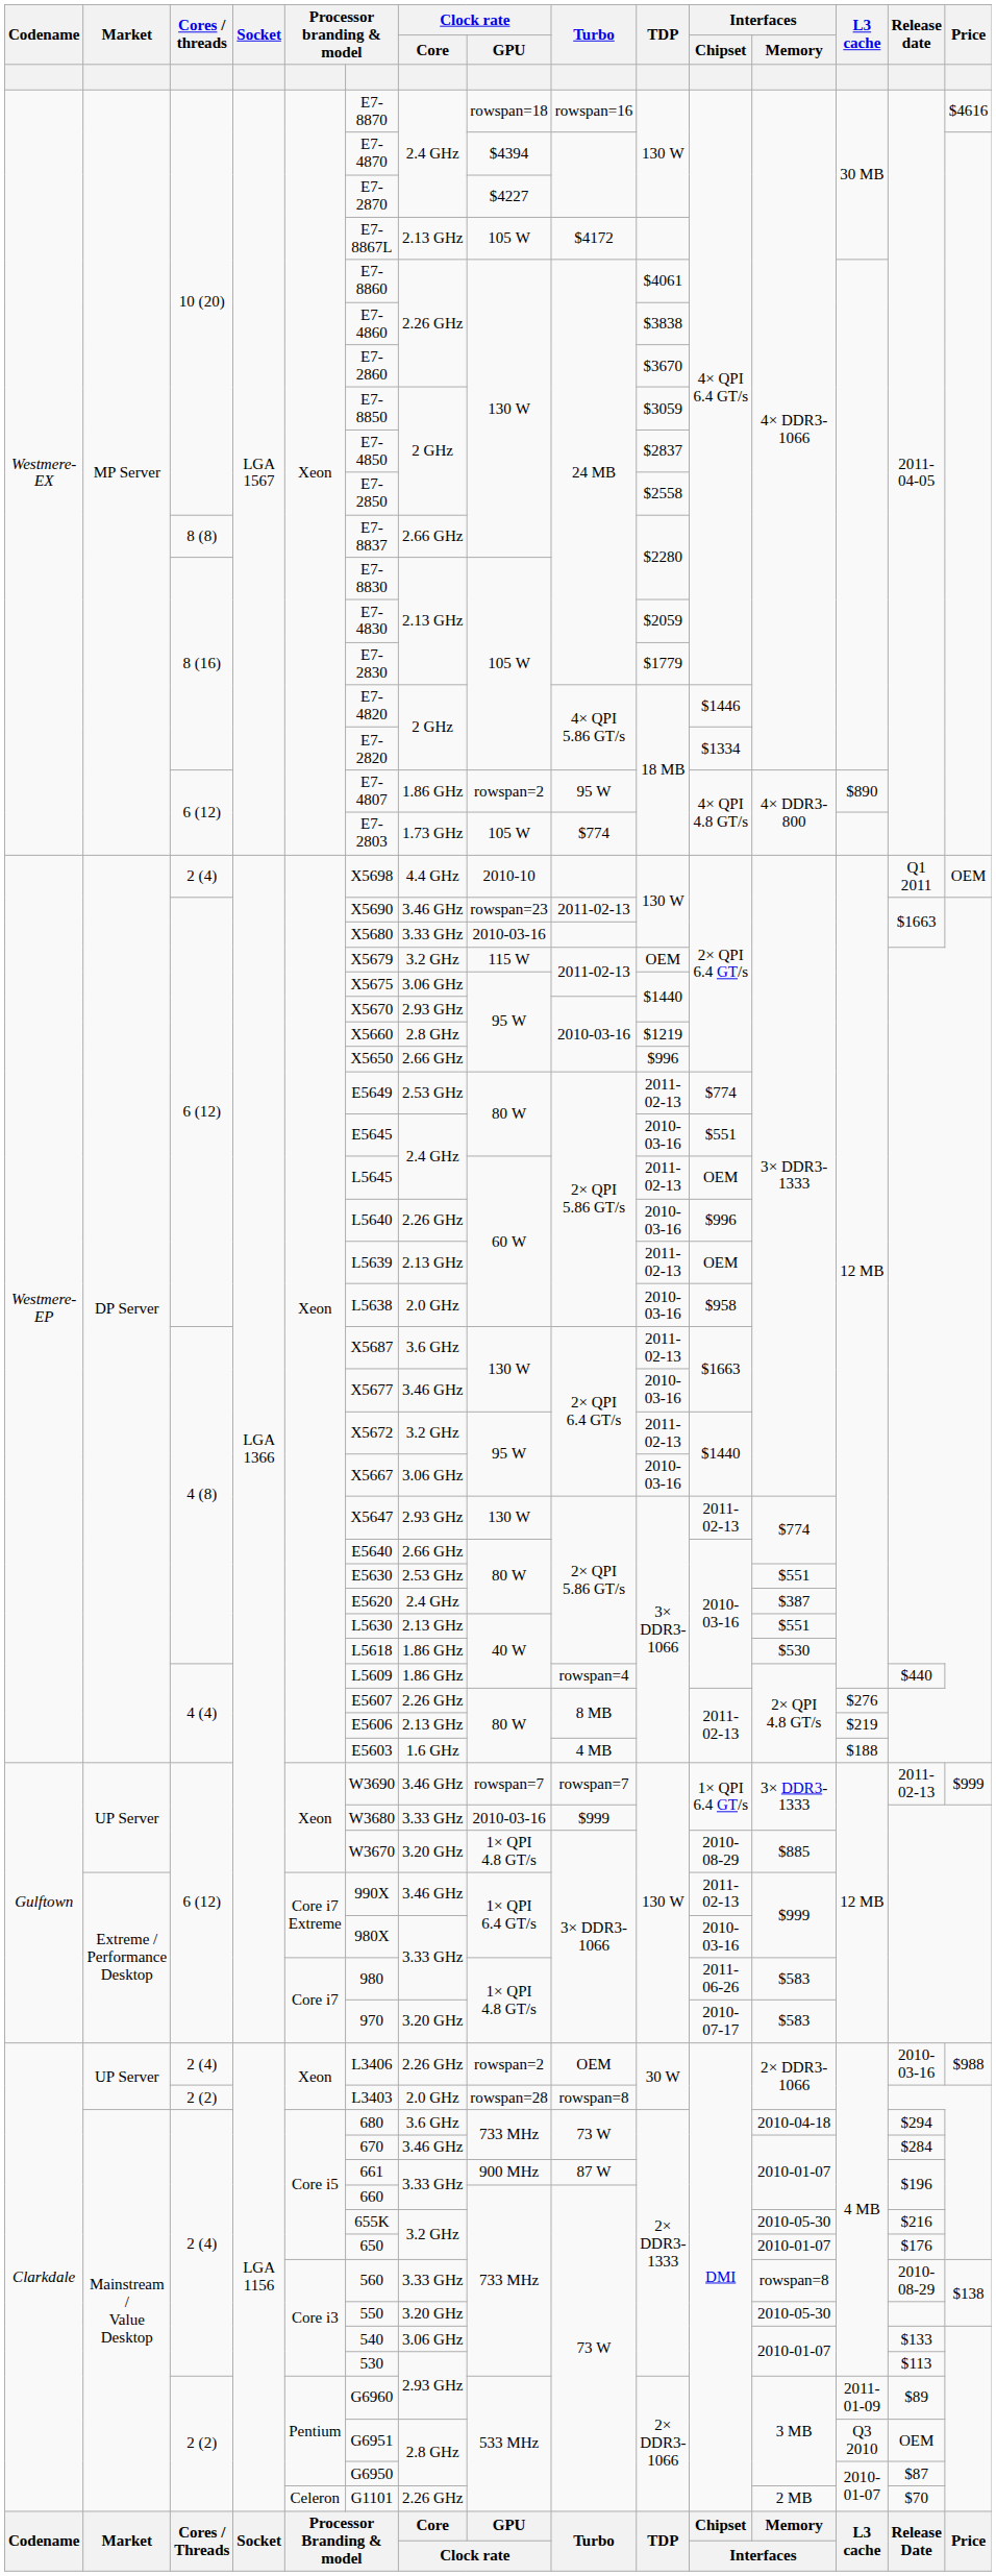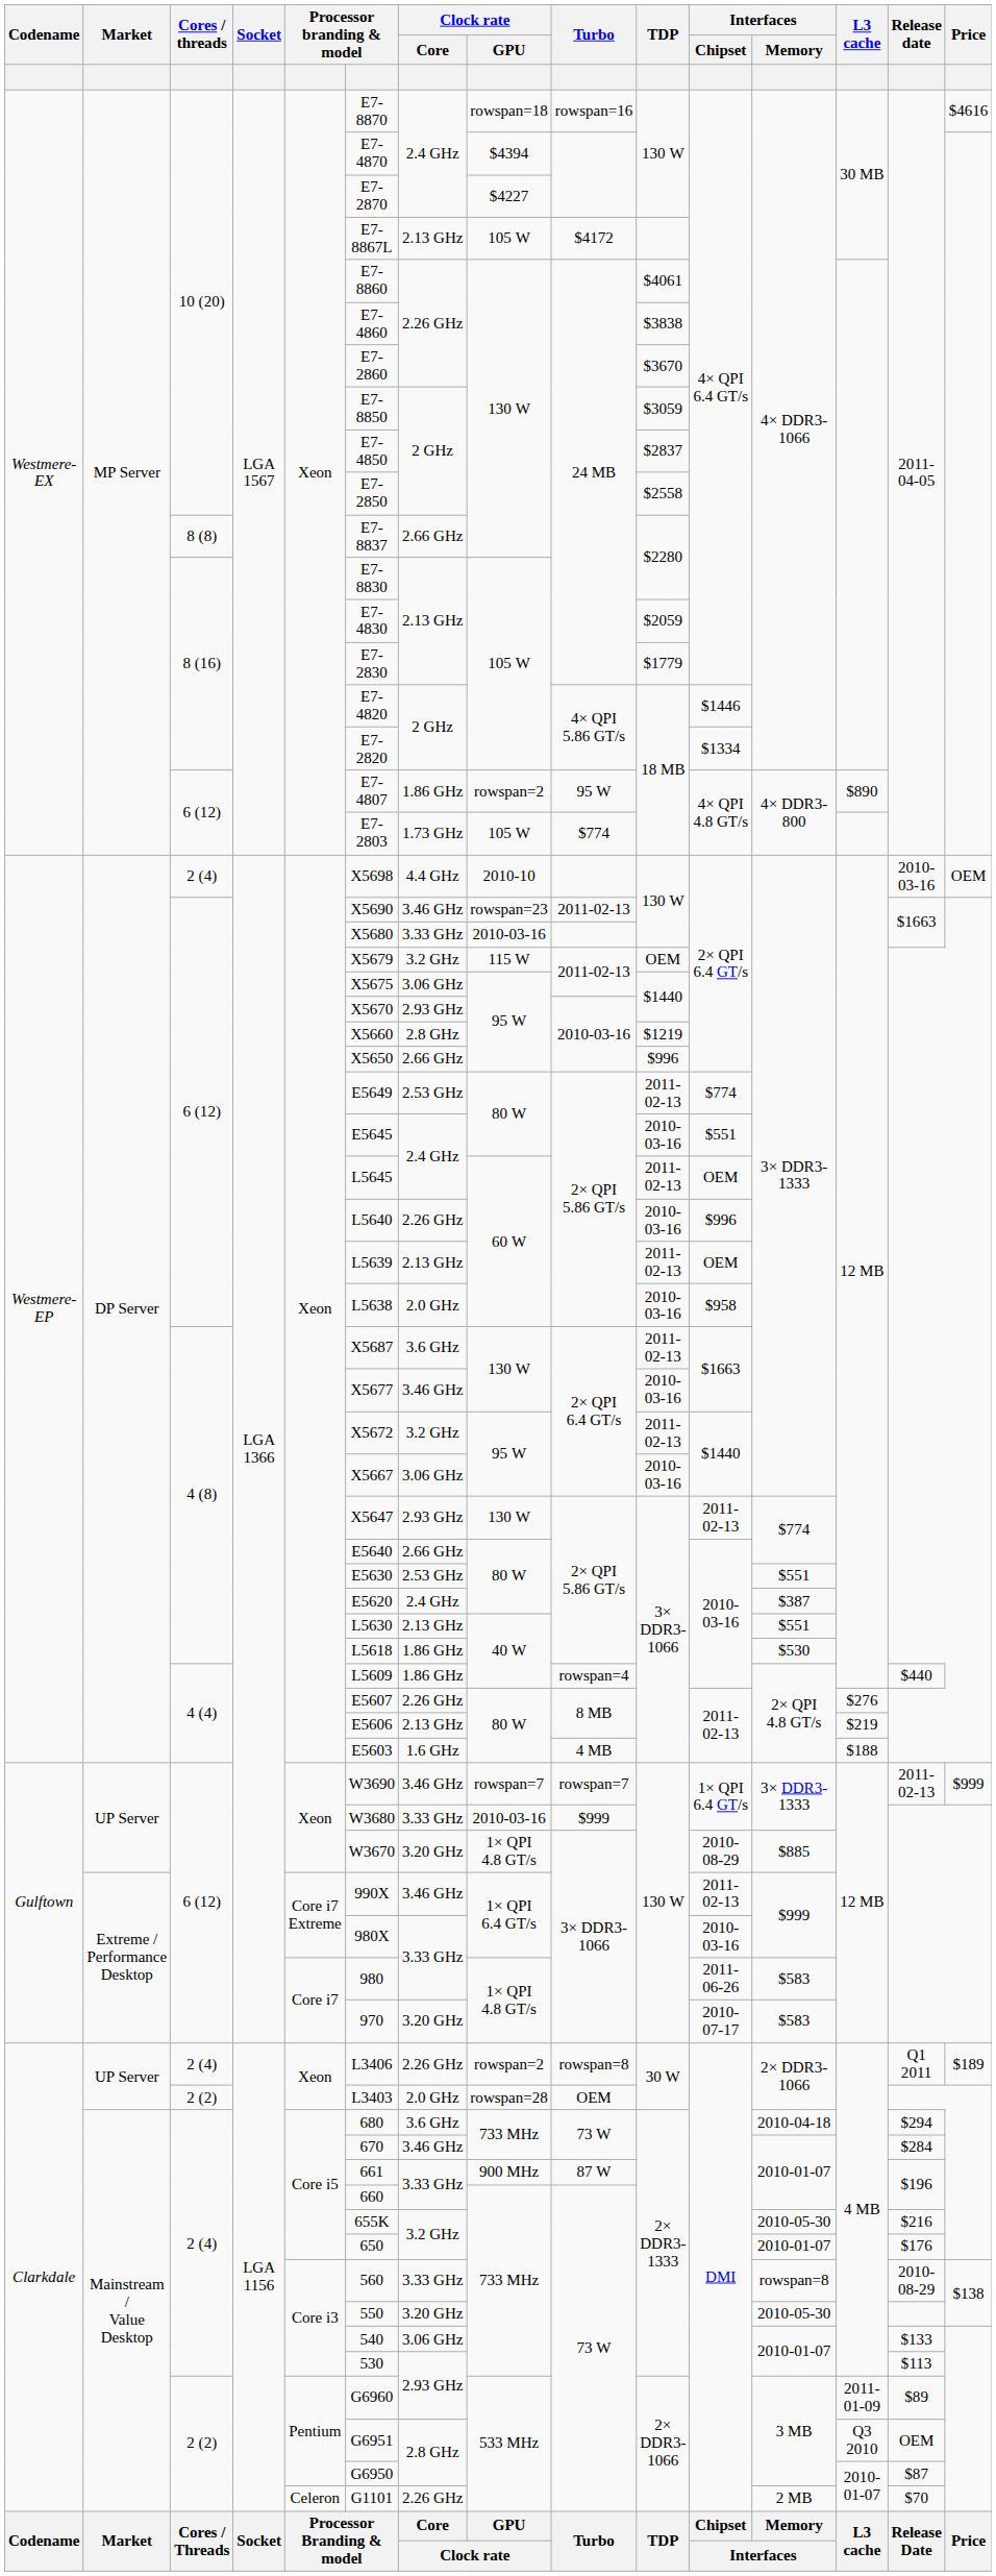 <table class="wikitable sortable hover-highlight" style="text-align: center">
 <tr>
 <th rowspan=2>Codename</th>
 <th rowspan=2>Market</th>
 <th rowspan=2><a href='#'>Cores</a> /<br>threads</th>
 <th rowspan=2><a href='#'>Socket</a></th>
 <th colspan=2 rowspan=2>Processor<br>branding & model</th>
 <th colspan=2><a href='#'>Clock rate</a></th>
 <th rowspan=2><a href='#'>Turbo</a></th>
 <th rowspan=2>TDP</th>
 <th colspan=2>Interfaces</th>
 <th rowspan=2><a href='#'>L3<br>cache</a></th>
 <th rowspan=2>Release<br>date</th>
 <th rowspan=2>Price</th>
 </tr>
 <tr>
 <th>Core</th>
 <th>GPU</th>
 <th>Chipset</th>
 <th>Memory</th>
 </tr>
 <tr>
 <th style="background-position:center"><br></th>
 <th style="background-position:center"></th>
 <th style="background-position:center"></th>
 <th style="background-position:center"></th>
 <th style="background-position:center"></th>
 <th style="background-position:center"></th>
 <th style="background-position:center"></th>
 <th style="background-position:center"></th>
 <th style="background-position:center"></th>
 <th style="background-position:center"></th>
 <th style="background-position:center"></th>
 <th style="background-position:center"></th>
 <th style="background-position:center"></th>
 <th style="background-position:center"></th>
 <th style="background-position:center"></th>
 </tr>
 <tr>
 <td rowspan=18><em>Westmere-EX</em></td>
 <td rowspan=18>MP Server</td>
 <td rowspan=10>10 (20)</td>
 <td rowspan=18>LGA<br>1567</td>
 <td rowspan=18>Xeon</td>
 <td>E7-8870</td>
 <td rowspan=3>2.4 GHz</td>
 <td>rowspan=18 </td>
 <td>rowspan=16 </td>
 <td rowspan=3>130 W</td>
 <td rowspan=14>4× QPI 6.4 GT/s</td>
 <td rowspan=16>4× DDR3-1066</td>
 <td rowspan=4>30 MB</td>
 <td rowspan=18>2011-04-05</td>
 <td>$4616</td>
 </tr>
 <tr>
 <td>E7-4870</td>
 <td>$4394</td>
 </tr>
 <tr>
 <td>E7-2870</td>
 <td>$4227</td>
 </tr>
 <tr>
 <td>E7-8867L</td>
 <td>2.13 GHz</td>
 <td>105 W</td>
 <td>$4172</td>
 </tr>
 <tr>
 <td>E7-8860</td>
 <td rowspan=3>2.26 GHz</td>
 <td rowspan=7>130 W</td>
 <td rowspan=10>24 MB</td>
 <td>$4061</td>
 </tr>
 <tr>
 <td>E7-4860</td>
 <td>$3838</td>
 </tr>
 <tr>
 <td>E7-2860</td>
 <td>$3670</td>
 </tr>
 <tr>
 <td>E7-8850</td>
 <td rowspan=3>2 GHz</td>
 <td>$3059</td>
 </tr>
 <tr>
 <td>E7-4850</td>
 <td>$2837</td>
 </tr>
 <tr>
 <td>E7-2850</td>
 <td>$2558</td>
 </tr>
 <tr>
 <td>8 (8)</td>
 <td>E7-8837</td>
 <td>2.66 GHz</td>
 <td rowspan=2>$2280</td>
 </tr>
 <tr>
 <td rowspan=5>8 (16)</td>
 <td>E7-8830</td>
 <td rowspan=3>2.13 GHz</td>
 <td rowspan=5>105 W</td>
 </tr>
 <tr>
 <td>E7-4830</td>
 <td>$2059</td>
 </tr>
 <tr>
 <td>E7-2830</td>
 <td>$1779</td>
 </tr>
 <tr>
 <td>E7-4820</td>
 <td rowspan=2>2 GHz</td>
 <td rowspan=2>4× QPI 5.86 GT/s</td>
 <td rowspan=4>18 MB</td>
 <td>$1446</td>
 </tr>
 <tr>
 <td>E7-2820</td>
 <td>$1334</td>
 </tr>
 <tr>
 <td rowspan=2>6 (12)</td>
 <td>E7-4807</td>
 <td>1.86 GHz</td>
 <td>rowspan=2 </td>
 <td>95 W</td>
 <td rowspan=2>4× QPI 4.8 GT/s</td>
 <td rowspan=2>4× DDR3-800</td>
 <td>$890</td>
 </tr>
 <tr>
 <td>E7-2803</td>
 <td>1.73 GHz</td>
 <td>105 W</td>
 <td>$774</td>
 </tr>
 <tr>
 <td rowspan="28"><em>Westmere-EP</em></td>
 <td rowspan=28>DP Server</td>
 <td>2 (4)</td>
 <td rowspan=35>LGA<br>1366</td>
 <td rowspan=28>Xeon</td>
 <td>X5698</td>
 <td>4.4 GHz</td>
 <td>2010-10</td>
 <td></td>
 <td rowspan=3>130 W</td>
 <td rowspan=8>2× QPI 6.4 <a href='#'>GT</a>/s</td>
 <td rowspan=18>3× DDR3-1333</td>
 <td rowspan=25>12 MB</td>
-<td>Q1 2011</td>
+<td>2010-03-16</td>
 <td>OEM</td>
 </tr>
 <tr>
 <td rowspan=13>6 (12)</td>
 <td>X5690</td>
 <td>3.46 GHz</td>
 <td>rowspan=23 </td>
 <td>2011-02-13</td>
 <td rowspan=2>$1663</td>
 </tr>
 <tr>
 <td>X5680</td>
 <td>3.33 GHz</td>
 <td>2010-03-16</td>
 </tr>
 <tr>
 <td>X5679</td>
 <td>3.2 GHz</td>
 <td>115 W</td>
 <td rowspan=2>2011-02-13</td>
 <td>OEM</td>
 </tr>
 <tr>
 <td>X5675</td>
 <td>3.06 GHz</td>
 <td rowspan=4>95 W</td>
 <td rowspan=2>$1440</td>
 </tr>
 <tr>
 <td>X5670</td>
 <td>2.93 GHz</td>
 <td rowspan=3>2010-03-16</td>
 </tr>
 <tr>
 <td>X5660</td>
 <td>2.8 GHz</td>
 <td>$1219</td>
 </tr>
 <tr>
 <td>X5650</td>
 <td>2.66 GHz</td>
 <td>$996</td>
 </tr>
 <tr>
 <td>E5649</td>
 <td>2.53 GHz</td>
 <td rowspan=2>80 W</td>
 <td rowspan=6>2× QPI 5.86 GT/s</td>
 <td>2011-02-13</td>
 <td>$774</td>
 </tr>
 <tr>
 <td>E5645</td>
 <td rowspan=2>2.4 GHz</td>
 <td>2010-03-16</td>
 <td>$551</td>
 </tr>
 <tr>
 <td>L5645</td>
 <td rowspan=4>60 W</td>
 <td>2011-02-13</td>
 <td>OEM</td>
 </tr>
 <tr>
 <td>L5640</td>
 <td>2.26 GHz</td>
 <td>2010-03-16</td>
 <td>$996</td>
 </tr>
 <tr>
 <td>L5639</td>
 <td>2.13 GHz</td>
 <td>2011-02-13</td>
 <td>OEM</td>
 </tr>
 <tr>
 <td>L5638</td>
 <td>2.0 GHz</td>
 <td>2010-03-16</td>
 <td>$958</td>
 </tr>
 <tr>
 <td rowspan=10>4 (8)</td>
 <td>X5687</td>
 <td>3.6 GHz</td>
 <td rowspan=2>130 W</td>
 <td rowspan=4>2× QPI 6.4 GT/s</td>
 <td>2011-02-13</td>
 <td rowspan=2>$1663</td>
 </tr>
 <tr>
 <td>X5677</td>
 <td>3.46 GHz</td>
 <td>2010-03-16</td>
 </tr>
 <tr>
 <td>X5672</td>
 <td>3.2 GHz</td>
 <td rowspan=2>95 W</td>
 <td>2011-02-13</td>
 <td rowspan=2>$1440</td>
 </tr>
 <tr>
 <td>X5667</td>
 <td>3.06 GHz</td>
 <td>2010-03-16</td>
 </tr>
 <tr>
 <td>X5647</td>
 <td>2.93 GHz</td>
 <td>130 W</td>
 <td rowspan=6>2× QPI 5.86 GT/s</td>
 <td rowspan=10>3× DDR3-1066</td>
 <td>2011-02-13</td>
 <td rowspan=2>$774</td>
 </tr>
 <tr>
 <td>E5640</td>
 <td>2.66 GHz</td>
 <td rowspan=3>80 W</td>
 <td rowspan=6>2010-03-16</td>
 </tr>
 <tr>
 <td>E5630</td>
 <td>2.53 GHz</td>
 <td>$551</td>
 </tr>
 <tr>
 <td>E5620</td>
 <td>2.4 GHz</td>
 <td>$387</td>
 </tr>
 <tr>
 <td>L5630</td>
 <td>2.13 GHz</td>
 <td rowspan=3>40 W</td>
 <td>$551</td>
 </tr>
 <tr>
 <td>L5618</td>
 <td>1.86 GHz</td>
 <td>$530</td>
 </tr>
 <tr>
 <td rowspan=4>4 (4)</td>
 <td>L5609</td>
 <td>1.86 GHz</td>
 <td>rowspan=4 </td>
 <td rowspan=4>2× QPI 4.8 GT/s</td>
 <td>$440</td>
 </tr>
 <tr>
 <td>E5607</td>
 <td>2.26 GHz</td>
 <td rowspan=3>80 W</td>
 <td rowspan=2>8 MB</td>
 <td rowspan=3>2011-02-13</td>
 <td>$276</td>
 </tr>
 <tr>
 <td>E5606</td>
 <td>2.13 GHz</td>
 <td>$219</td>
 </tr>
 <tr>
 <td>E5603</td>
 <td>1.6 GHz</td>
 <td>4 MB</td>
 <td>$188</td>
 </tr>
 <tr>
 <td rowspan="7"><em>Gulftown</em></td>
 <td rowspan="3">UP Server</td>
 <td rowspan=7>6 (12)</td>
 <td rowspan=3>Xeon</td>
 <td>W3690</td>
 <td>3.46 GHz</td>
 <td>rowspan=7 </td>
 <td>rowspan=7 </td>
 <td rowspan=7>130 W</td>
 <td rowspan=2>1× QPI 6.4 <a href='#'>GT</a>/s</td>
 <td rowspan=2>3× <a href='#'>DDR3</a>-1333</td>
 <td rowspan=7>12 MB</td>
 <td>2011-02-13</td>
 <td>$999</td>
 </tr>
 <tr>
 <td>W3680</td>
 <td>3.33 GHz</td>
 <td>2010-03-16</td>
 <td>$999</td>
 </tr>
 <tr>
 <td>W3670</td>
 <td>3.20 GHz</td>
 <td>1× QPI 4.8 GT/s</td>
 <td rowspan=5>3× DDR3-1066</td>
 <td>2010-08-29</td>
 <td>$885</td>
 </tr>
 <tr>
 <td rowspan="4">Extreme /<br>Performance<br>Desktop</td>
 <td rowspan=2>Core i7<br>Extreme</td>
 <td>990X</td>
 <td>3.46 GHz</td>
 <td rowspan=2>1× QPI 6.4 GT/s</td>
 <td>2011-02-13</td>
 <td rowspan=2>$999</td>
 </tr>
 <tr>
 <td>980X</td>
 <td rowspan=2>3.33 GHz</td>
 <td>2010-03-16</td>
 </tr>
 <tr>
 <td rowspan="2">Core i7</td>
 <td>980</td>
 <td rowspan=2>1× QPI 4.8 GT/s</td>
 <td>2011-06-26</td>
 <td>$583</td>
 </tr>
 <tr>
 <td>970</td>
 <td>3.20 GHz</td>
 <td>2010-07-17</td>
 <td>$583</td>
 </tr>
 <tr>
 <td rowspan=16><em>Clarkdale</em></td>
 <td rowspan=2>UP Server</td>
 <td>2 (4)</td>
 <td rowspan=16>LGA<br>1156</td>
 <td rowspan=2>Xeon</td>
 <td>L3406</td>
 <td>2.26 GHz</td>
 <td>rowspan=2 </td>
-<td>OEM</td>
+<td>rowspan=8 </td>
 <td rowspan=2>30 W</td>
 <td rowspan=16><a href='#'>DMI</a></td>
 <td rowspan=2>2× DDR3-1066</td>
 <td rowspan=12>4 MB</td>
-<td>2010-03-16</td>
-<td>$988</td>
+<td>Q1 2011</td>
+<td>$189</td>
 </tr>
 <tr>
 <td>2 (2)</td>
 <td>L3403</td>
 <td>2.0 GHz</td>
 <td>rowspan=28 </td>
-<td>rowspan=8 </td>
+<td>OEM</td>
 </tr>
 <tr>
 <td rowspan=14>Mainstream /<br>Value<br>Desktop</td>
 <td rowspan=10>2 (4)</td>
 <td rowspan=6>Core i5</td>
 <td>680</td>
 <td>3.6 GHz</td>
 <td rowspan=2>733 MHz</td>
 <td rowspan=2>73 W</td>
 <td rowspan=10>2× DDR3-1333</td>
 <td>2010-04-18</td>
 <td>$294</td>
 </tr>
 <tr>
 <td>670</td>
 <td>3.46 GHz</td>
 <td rowspan=3>2010-01-07</td>
 <td>$284</td>
 </tr>
 <tr>
 <td>661</td>
 <td rowspan=2>3.33 GHz</td>
 <td>900 MHz</td>
 <td>87 W</td>
 <td rowspan=2>$196</td>
 </tr>
 <tr>
 <td>660</td>
 <td rowspan=7>733 MHz</td>
 <td rowspan=11>73 W</td>
 </tr>
 <tr>
 <td>655K</td>
 <td rowspan=2>3.2 GHz</td>
 <td>2010-05-30</td>
 <td>$216</td>
 </tr>
 <tr>
 <td>650</td>
 <td>2010-01-07</td>
 <td>$176</td>
 </tr>
 <tr>
 <td rowspan=4>Core i3</td>
 <td>560</td>
 <td>3.33 GHz</td>
 <td>rowspan=8 </td>
 <td>2010-08-29</td>
 <td rowspan=2>$138</td>
 </tr>
 <tr>
 <td>550</td>
 <td>3.20 GHz</td>
 <td>2010-05-30</td>
 </tr>
 <tr>
 <td>540</td>
 <td>3.06 GHz</td>
 <td rowspan=2>2010-01-07</td>
 <td>$133</td>
 </tr>
 <tr>
 <td>530</td>
 <td rowspan=2>2.93 GHz</td>
 <td>$113</td>
 </tr>
 <tr>
 <td rowspan=4>2 (2)</td>
 <td rowspan=3>Pentium</td>
 <td>G6960</td>
 <td rowspan=4>533 MHz</td>
 <td rowspan=4>2× DDR3-1066</td>
 <td rowspan=3>3 MB</td>
 <td>2011-01-09</td>
 <td>$89</td>
 </tr>
 <tr>
 <td>G6951</td>
 <td rowspan=2>2.8 GHz</td>
 <td>Q3 2010</td>
 <td>OEM</td>
 </tr>
 <tr>
 <td>G6950</td>
 <td rowspan=2>2010-01-07</td>
 <td>$87</td>
 </tr>
 <tr>
 <td>Celeron</td>
 <td>G1101</td>
 <td>2.26 GHz</td>
 <td>2 MB</td>
 <td>$70</td>
 </tr>
 <tr>
 <th rowspan=2>Codename</th>
 <th rowspan=2>Market</th>
 <th rowspan=2>Cores /<br>Threads</th>
 <th rowspan=2>Socket</th>
 <th colspan=2 rowspan=2>Processor<br>Branding & model</th>
 <th>Core</th>
 <th>GPU</th>
 <th rowspan=2>Turbo</th>
 <th rowspan=2>TDP</th>
 <th>Chipset</th>
 <th>Memory</th>
 <th rowspan=2>L3<br>cache</th>
 <th rowspan=2>Release<br>Date</th>
 <th rowspan=2>Price</th>
 </tr>
 <tr>
 <th colspan=2>Clock rate</th>
 <th colspan=2>Interfaces</th>
 </tr>
 </table>
